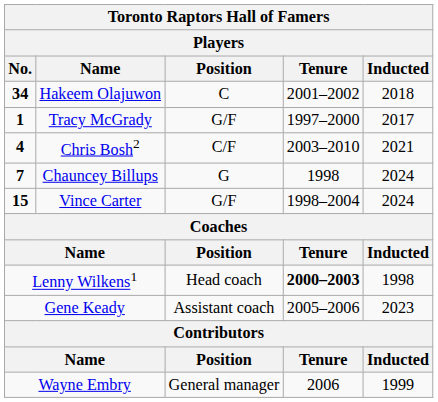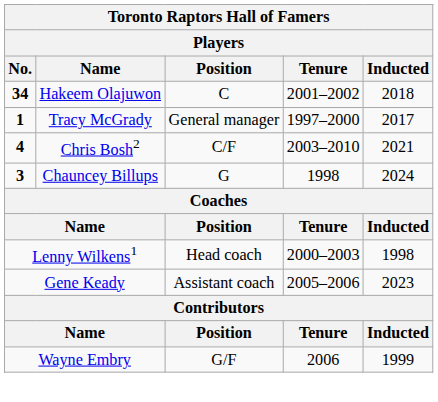 <table class="wikitable" style="text-align:center">
 <tr>
 <th colspan="5">Toronto Raptors Hall of Famers</th>
 </tr>
 <tr>
 <th colspan="5" style="text-align:center; ">Players</th>
 </tr>
 <tr>
 <th>No.</th>
 <th>Name</th>
 <th>Position</th>
 <th>Tenure</th>
 <th>Inducted</th>
 </tr>
 <tr>
 <td><strong>34</strong></td>
 <td><a href='#'>Hakeem Olajuwon</a></td>
 <td>C</td>
 <td>2001–2002</td>
 <td>2018</td>
 </tr>
 <tr>
 <td><strong>1</strong></td>
 <td><a href='#'>Tracy McGrady</a></td>
-<td>G/F</td>
+<td>General manager</td>
 <td>1997–2000</td>
 <td>2017</td>
 </tr>
 <tr>
 <td><strong>4</strong></td>
 <td><a href='#'>Chris Bosh</a><sup>2</sup></td>
 <td>C/F</td>
 <td>2003–2010</td>
 <td>2021</td>
 </tr>
 <tr>
-<td><strong>7</strong></td>
+<td><strong>3</strong></td>
 <td><a href='#'>Chauncey Billups</a></td>
 <td>G</td>
 <td>1998</td>
-<td>2024</td>
-</tr>
-<tr>
-<td><strong>15</strong></td>
-<td><a href='#'>Vince Carter</a></td>
-<td>G/F</td>
-<td>1998–2004</td>
 <td>2024</td>
 </tr>
 <tr>
 <th colspan="5" style="text-align:center; ">Coaches</th>
 </tr>
 <tr>
 <th colspan="2">Name</th>
 <th>Position</th>
 <th>Tenure</th>
 <th>Inducted</th>
 </tr>
 <tr>
 <td colspan="2"><a href='#'>Lenny Wilkens</a><sup>1</sup></td>
 <td>Head coach</td>
-<td><strong>2000–2003</strong></td>
+<td>2000–2003</td>
 <td>1998</td>
 </tr>
 <tr>
 <td colspan="2"><a href='#'>Gene Keady</a></td>
 <td>Assistant coach</td>
 <td>2005–2006</td>
 <td>2023</td>
 </tr>
 <tr>
 <th colspan="5" style="text-align:center; ">Contributors</th>
 </tr>
 <tr>
 <th colspan="2">Name</th>
 <th>Position</th>
 <th>Tenure</th>
 <th>Inducted</th>
 </tr>
 <tr>
 <td colspan="2"><a href='#'>Wayne Embry</a></td>
-<td>General manager</td>
+<td>G/F</td>
 <td>2006</td>
 <td>1999</td>
 </tr>
 </table>
